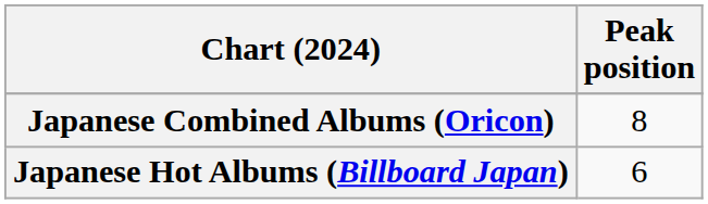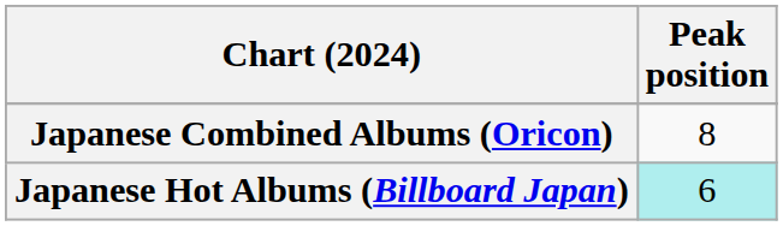 <table class="wikitable sortable plainrowheaders" style="text-align:center">
 <tr>
 <th scope="col">Chart (2024)</th>
 <th scope="col">Peak<br>position</th>
 </tr>
 <tr>
 </tr>
 <tr>
 <th scope="row">Japanese Combined Albums (<a href='#'>Oricon</a>)</th>
 <td>8</td>
 </tr>
 <tr>
 <th scope="row">Japanese Hot Albums (<em><a href='#'>Billboard Japan</a></em>)</th>
-<td>6</td>
+<td style="background: paleturquoise;">6</td>
 </tr>
 </table>
